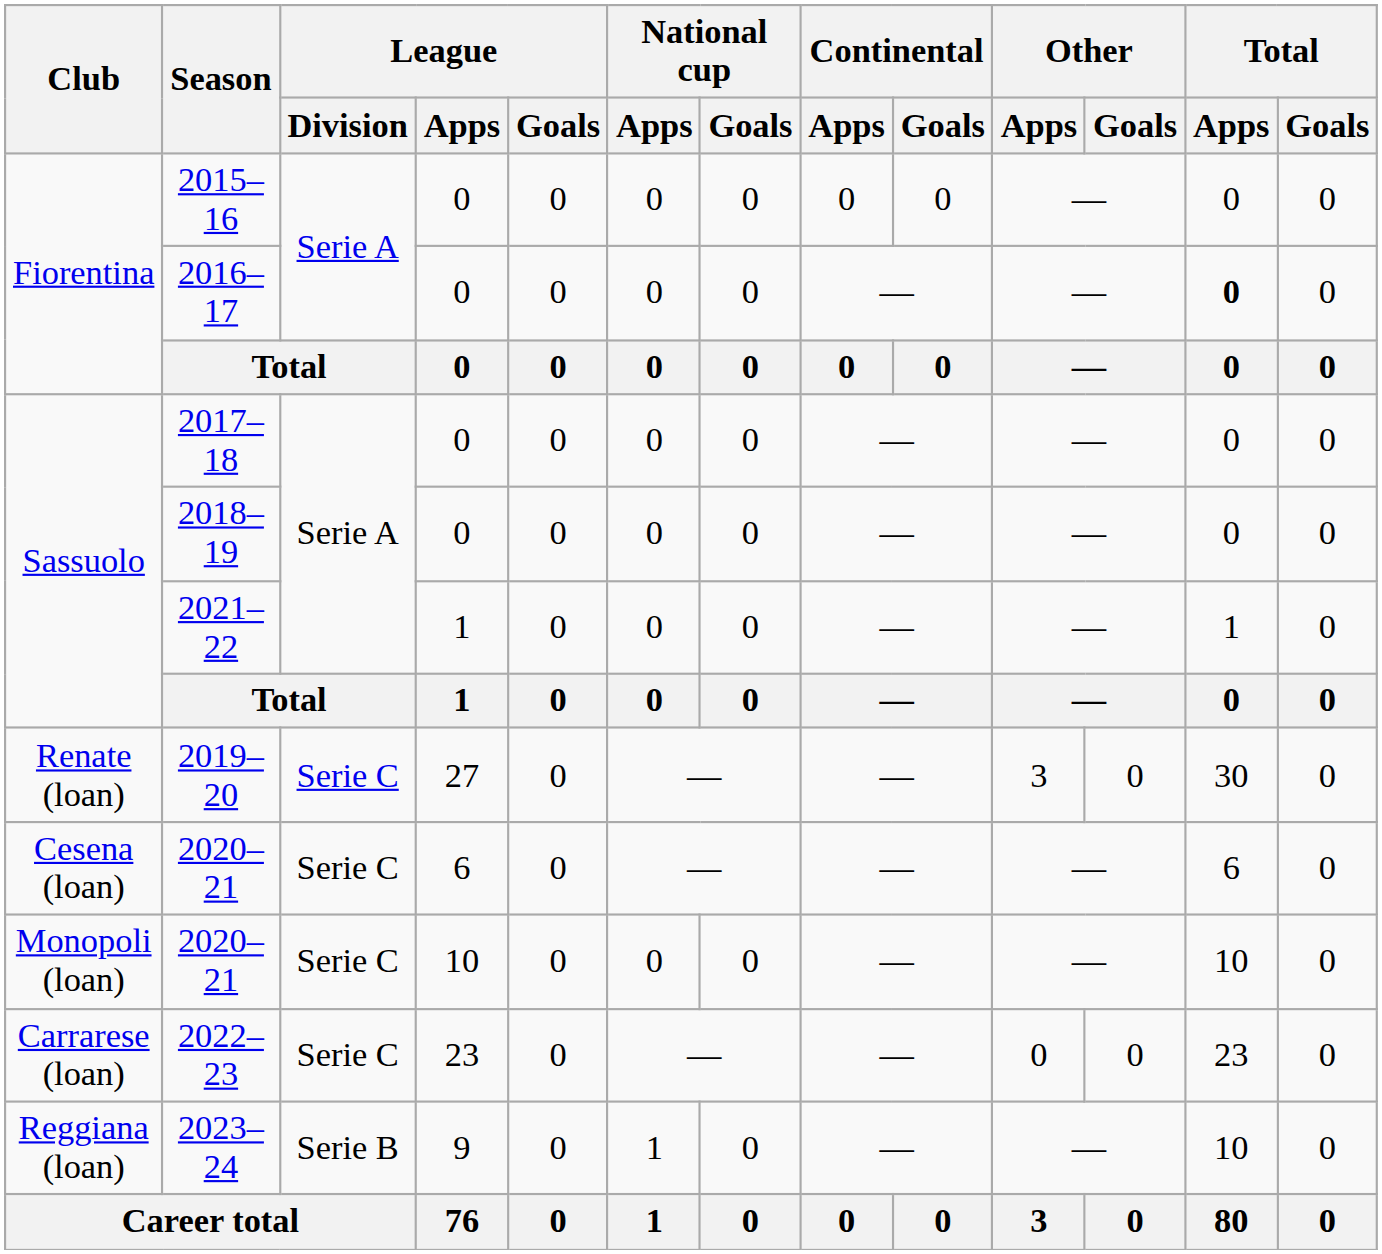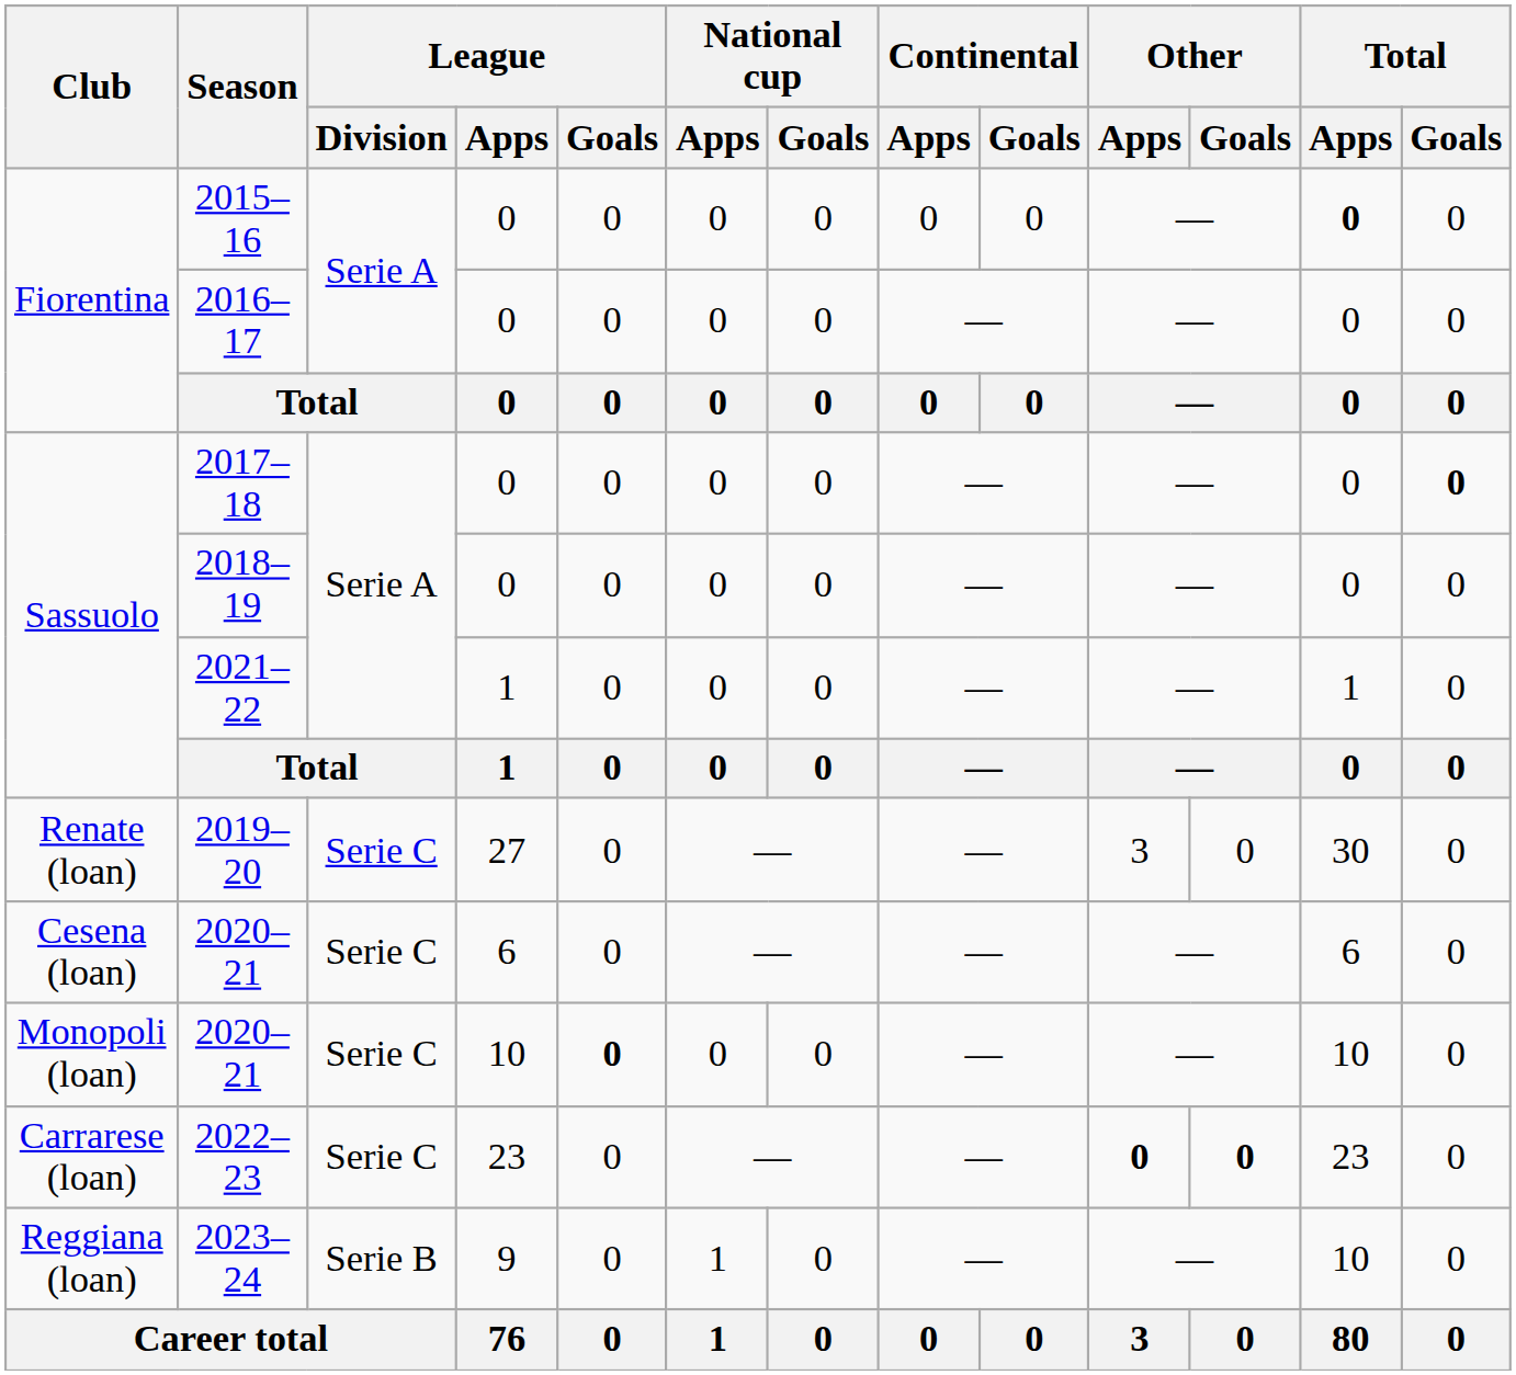 <table class=wikitable style=text-align:center>
 <tr>
 <th rowspan="2">Club</th>
 <th rowspan="2">Season</th>
 <th colspan="3">League</th>
 <th colspan="2">National cup</th>
 <th colspan="2">Continental</th>
 <th colspan="2">Other</th>
 <th colspan="2">Total</th>
 </tr>
 <tr>
 <th>Division</th>
 <th>Apps</th>
 <th>Goals</th>
 <th>Apps</th>
 <th>Goals</th>
 <th>Apps</th>
 <th>Goals</th>
 <th>Apps</th>
 <th>Goals</th>
 <th>Apps</th>
 <th>Goals</th>
 </tr>
 <tr>
 <td rowspan="3"><a href='#'>Fiorentina</a></td>
 <td><a href='#'>2015–16</a></td>
 <td rowspan="2"><a href='#'>Serie A</a></td>
 <td>0</td>
 <td>0</td>
 <td>0</td>
 <td>0</td>
 <td>0</td>
 <td>0</td>
 <td colspan="2">—</td>
-<td>0</td>
+<td><strong>0</strong></td>
 <td>0</td>
 </tr>
 <tr>
 <td><a href='#'>2016–17</a></td>
 <td>0</td>
 <td>0</td>
 <td>0</td>
 <td>0</td>
 <td colspan="2">—</td>
 <td colspan="2">—</td>
-<td><strong>0</strong></td>
+<td>0</td>
 <td>0</td>
 </tr>
 <tr>
 <th colspan="2">Total</th>
 <th>0</th>
 <th>0</th>
 <th>0</th>
 <th>0</th>
 <th>0</th>
 <th>0</th>
 <th colspan="2">—</th>
 <th>0</th>
 <th>0</th>
 </tr>
 <tr>
 <td rowspan="4"><a href='#'>Sassuolo</a></td>
 <td><a href='#'>2017–18</a></td>
 <td rowspan="3">Serie A</td>
 <td>0</td>
 <td>0</td>
 <td>0</td>
 <td>0</td>
 <td colspan="2">—</td>
 <td colspan="2">—</td>
 <td>0</td>
-<td>0</td>
+<td><strong>0</strong></td>
 </tr>
 <tr>
 <td><a href='#'>2018–19</a></td>
 <td>0</td>
 <td>0</td>
 <td>0</td>
 <td>0</td>
 <td colspan="2">—</td>
 <td colspan="2">—</td>
 <td>0</td>
 <td>0</td>
 </tr>
 <tr>
 <td><a href='#'>2021–22</a></td>
 <td>1</td>
 <td>0</td>
 <td>0</td>
 <td>0</td>
 <td colspan="2">—</td>
 <td colspan="2">—</td>
 <td>1</td>
 <td>0</td>
 </tr>
 <tr>
 <th colspan="2">Total</th>
 <th>1</th>
 <th>0</th>
 <th>0</th>
 <th>0</th>
 <th colspan="2">—</th>
 <th colspan="2">—</th>
 <th>0</th>
 <th>0</th>
 </tr>
 <tr>
 <td><a href='#'>Renate</a> (loan)</td>
 <td><a href='#'>2019–20</a></td>
 <td><a href='#'>Serie C</a></td>
 <td>27</td>
 <td>0</td>
 <td colspan="2">—</td>
 <td colspan="2">—</td>
 <td>3</td>
 <td>0</td>
 <td>30</td>
 <td>0</td>
 </tr>
 <tr>
 <td><a href='#'>Cesena</a> (loan)</td>
 <td><a href='#'>2020–21</a></td>
 <td>Serie C</td>
 <td>6</td>
 <td>0</td>
 <td colspan="2">—</td>
 <td colspan="2">—</td>
 <td colspan="2">—</td>
 <td>6</td>
 <td>0</td>
 </tr>
 <tr>
 <td><a href='#'>Monopoli</a> (loan)</td>
 <td><a href='#'>2020–21</a></td>
 <td>Serie C</td>
 <td>10</td>
-<td>0</td>
+<td><strong>0</strong></td>
 <td>0</td>
 <td>0</td>
 <td colspan="2">—</td>
 <td colspan="2">—</td>
 <td>10</td>
 <td>0</td>
 </tr>
 <tr>
 <td><a href='#'>Carrarese</a> (loan)</td>
 <td><a href='#'>2022–23</a></td>
 <td>Serie C</td>
 <td>23</td>
 <td>0</td>
 <td colspan="2">—</td>
 <td colspan="2">—</td>
-<td>0</td>
-<td>0</td>
+<td><strong>0</strong></td>
+<td><strong>0</strong></td>
 <td>23</td>
 <td>0</td>
 </tr>
 <tr>
 <td><a href='#'>Reggiana</a> (loan)</td>
 <td><a href='#'>2023–24</a></td>
 <td>Serie B</td>
 <td>9</td>
 <td>0</td>
 <td>1</td>
 <td>0</td>
 <td colspan="2">—</td>
 <td colspan="2">—</td>
 <td>10</td>
 <td>0</td>
 </tr>
 <tr>
 <th colspan="3">Career total</th>
 <th>76</th>
 <th>0</th>
 <th>1</th>
 <th>0</th>
 <th>0</th>
 <th>0</th>
 <th>3</th>
 <th>0</th>
 <th>80</th>
 <th>0</th>
 </tr>
 </table>
